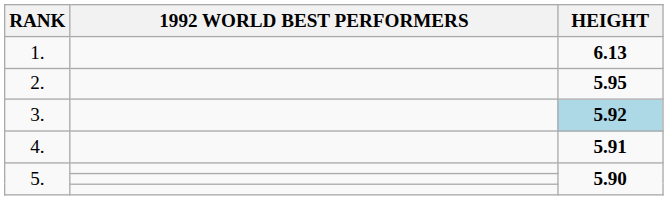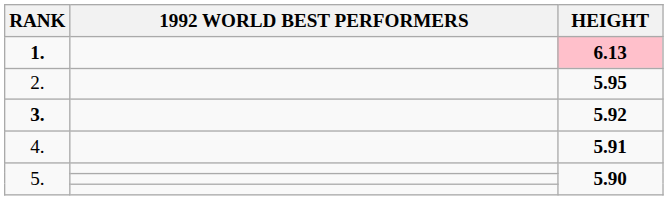 <table class="wikitable" style="border-collapse: collapse; font-size: 90%;">
 <tr>
 <th>RANK</th>
 <th align="center" style="width: 25em">1992 WORLD BEST PERFORMERS</th>
 <th align="center" style="width: 5em">HEIGHT</th>
 </tr>
 <tr>
-<td align="center">1.</td>
+<td align="center"><strong>1.</strong></td>
 <td></td>
-<td align="center"><strong>6.13</strong></td>
+<td align="center" style="background: pink;"><strong>6.13</strong></td>
 </tr>
 <tr>
 <td align="center">2.</td>
 <td></td>
 <td align="center"><strong>5.95</strong></td>
 </tr>
 <tr>
-<td align="center">3.</td>
+<td align="center"><strong>3.</strong></td>
 <td></td>
-<td align="center" style="background: lightblue;"><strong>5.92</strong></td>
+<td align="center"><strong>5.92</strong></td>
 </tr>
 <tr>
 <td align="center">4.</td>
 <td></td>
 <td align="center"><strong>5.91</strong></td>
 </tr>
 <tr>
 <td rowspan=3 align="center">5.</td>
 <td></td>
 <td rowspan=3 align="center"><strong>5.90</strong></td>
 </tr>
 <tr>
 <td></td>
 </tr>
 <tr>
 <td></td>
 </tr>
 </table>
